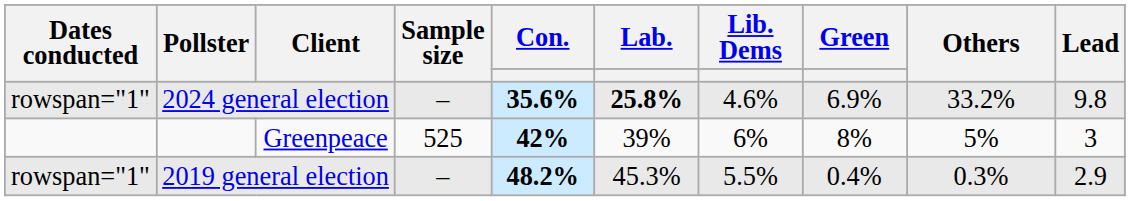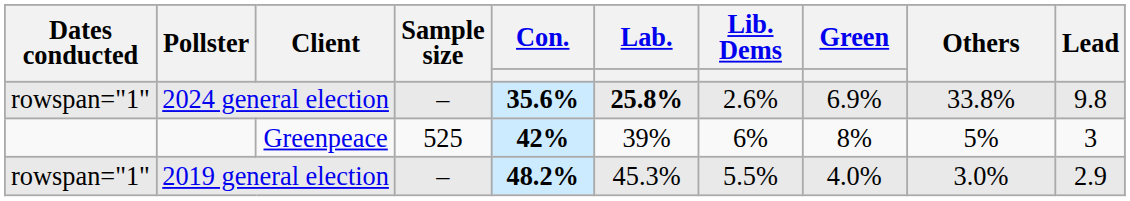 <table class="wikitable sortable mw-datatable" style="text-align:center; font-size:90%; line-height:14px;">
 <tr>
 <th rowspan="2">Dates <br>conducted</th>
 <th rowspan="2">Pollster</th>
 <th rowspan="2">Client</th>
 <th rowspan="2" data-sort-type="number">Sample <br>size</th>
 <th class="unsortable" style="width:50px;"><a href='#'>Con.</a></th>
 <th class="unsortable" style="width:50px;"><a href='#'>Lab.</a></th>
 <th class="unsortable" style="width:50px;"><a href='#'>Lib. Dems</a></th>
 <th class="unsortable" style="width:50px;"><a href='#'>Green</a></th>
 <th rowspan="2" class="unsortable" style="width:75px;">Others</th>
 <th rowspan="2" data-sort-type="number">Lead</th>
 </tr>
 <tr>
 <th data-sort-type="number" style="background:"></th>
 <th data-sort-type="number" style="background:"></th>
 <th data-sort-type="number" style="background:"></th>
 <th data-sort-type="number" style="background:"></th>
 </tr>
 <tr style="background:#e9e9e9;">
 <td>rowspan="1" </td>
 <td colspan="2" rowspan="1"><a href='#'>2024 general election</a></td>
 <td>–</td>
 <td style="background:#CCEBFF;"><strong>35.6%</strong></td>
 <td><strong>25.8%</strong></td>
-<td>4.6%</td>
+<td>2.6%</td>
 <td>6.9%</td>
-<td>33.2%</td>
+<td>33.8%</td>
 <td style="background:">9.8</td>
 </tr>
 <tr>
 <td></td>
 <td></td>
 <td><a href='#'>Greenpeace</a></td>
 <td>525</td>
 <td style="background:#CCEBFF;"><strong>42%</strong></td>
 <td>39%</td>
 <td>6%</td>
 <td>8%</td>
 <td>5%</td>
 <td style="background:">3</td>
 </tr>
 <tr style="background:#e9e9e9;">
 <td>rowspan="1" </td>
 <td colspan="2" rowspan="1"><a href='#'>2019 general election</a></td>
 <td>–</td>
 <td style="background:#CCEBFF;"><strong>48.2%</strong></td>
 <td>45.3%</td>
 <td>5.5%</td>
-<td>0.4%</td>
-<td>0.3%</td>
+<td>4.0%</td>
+<td>3.0%</td>
 <td style="background:">2.9</td>
 </tr>
 </table>
